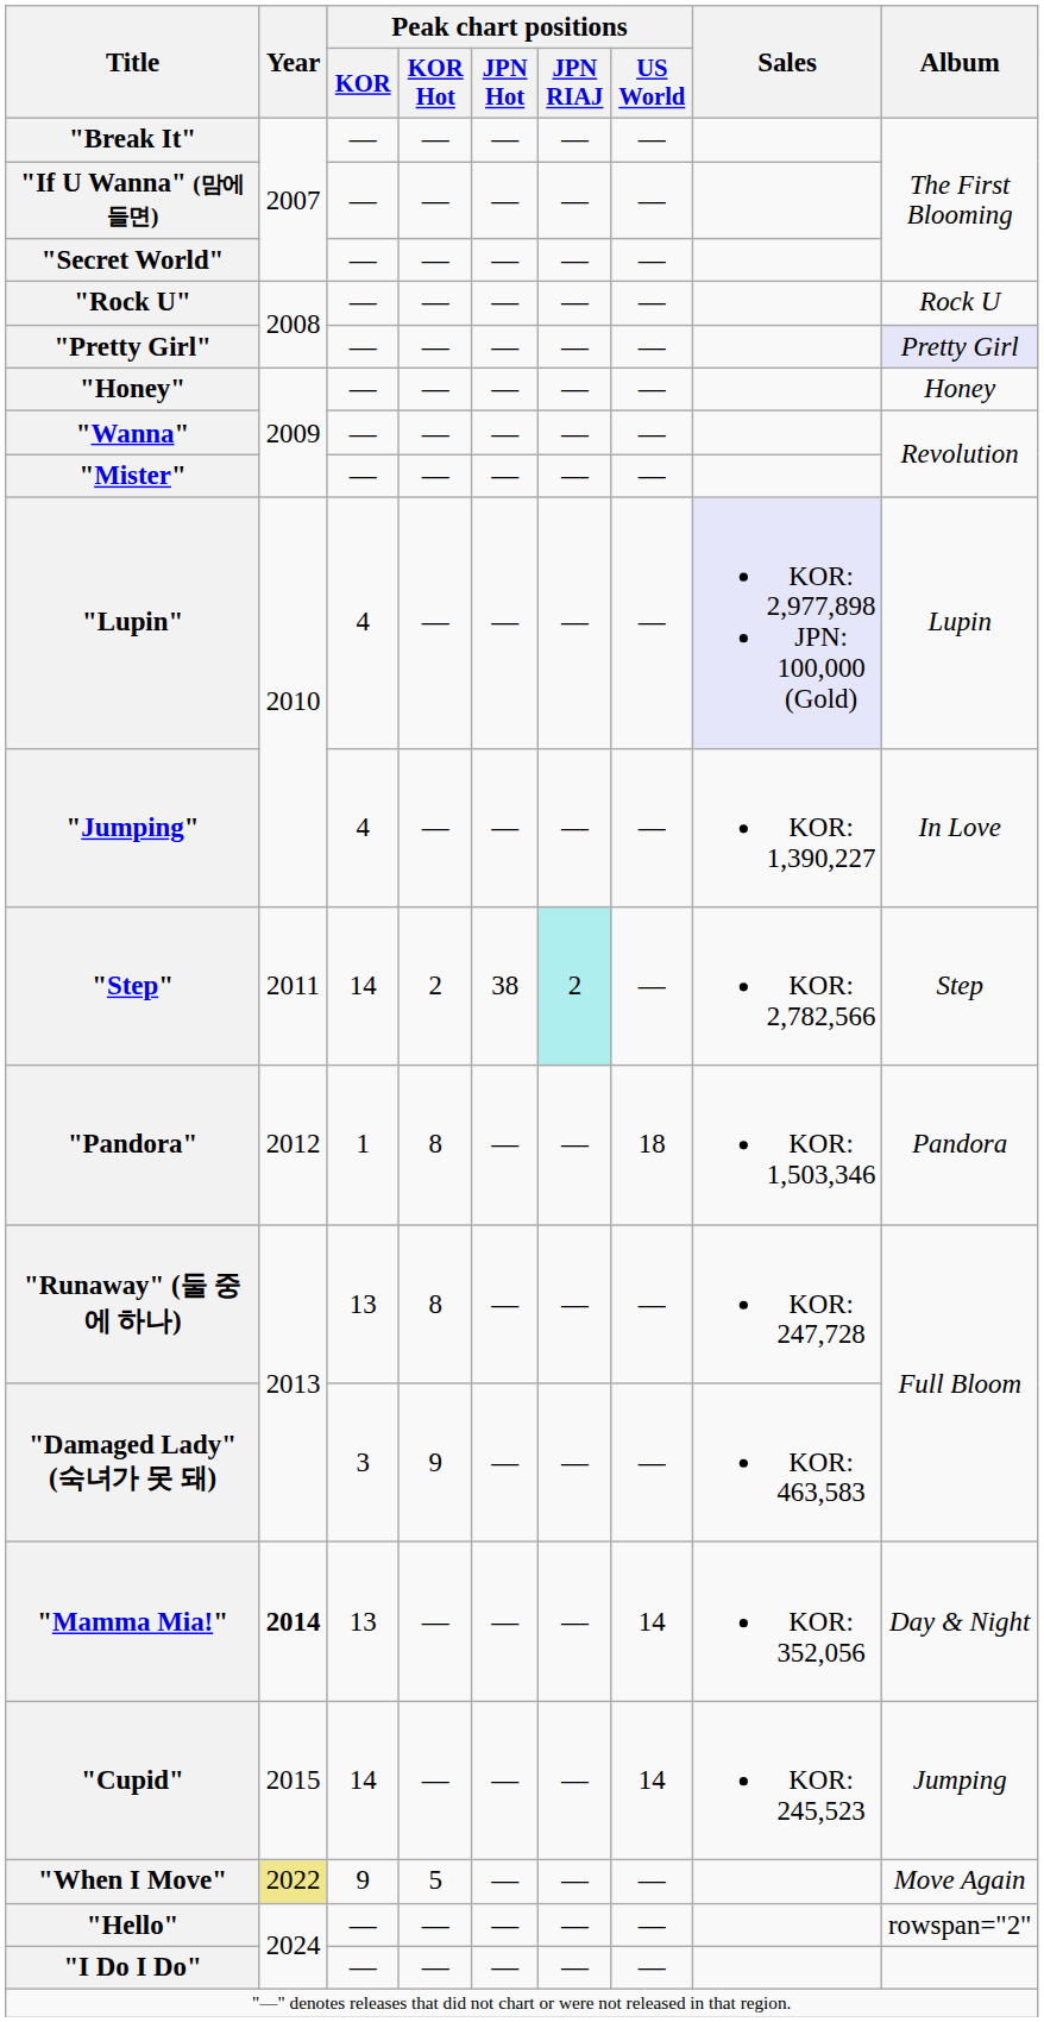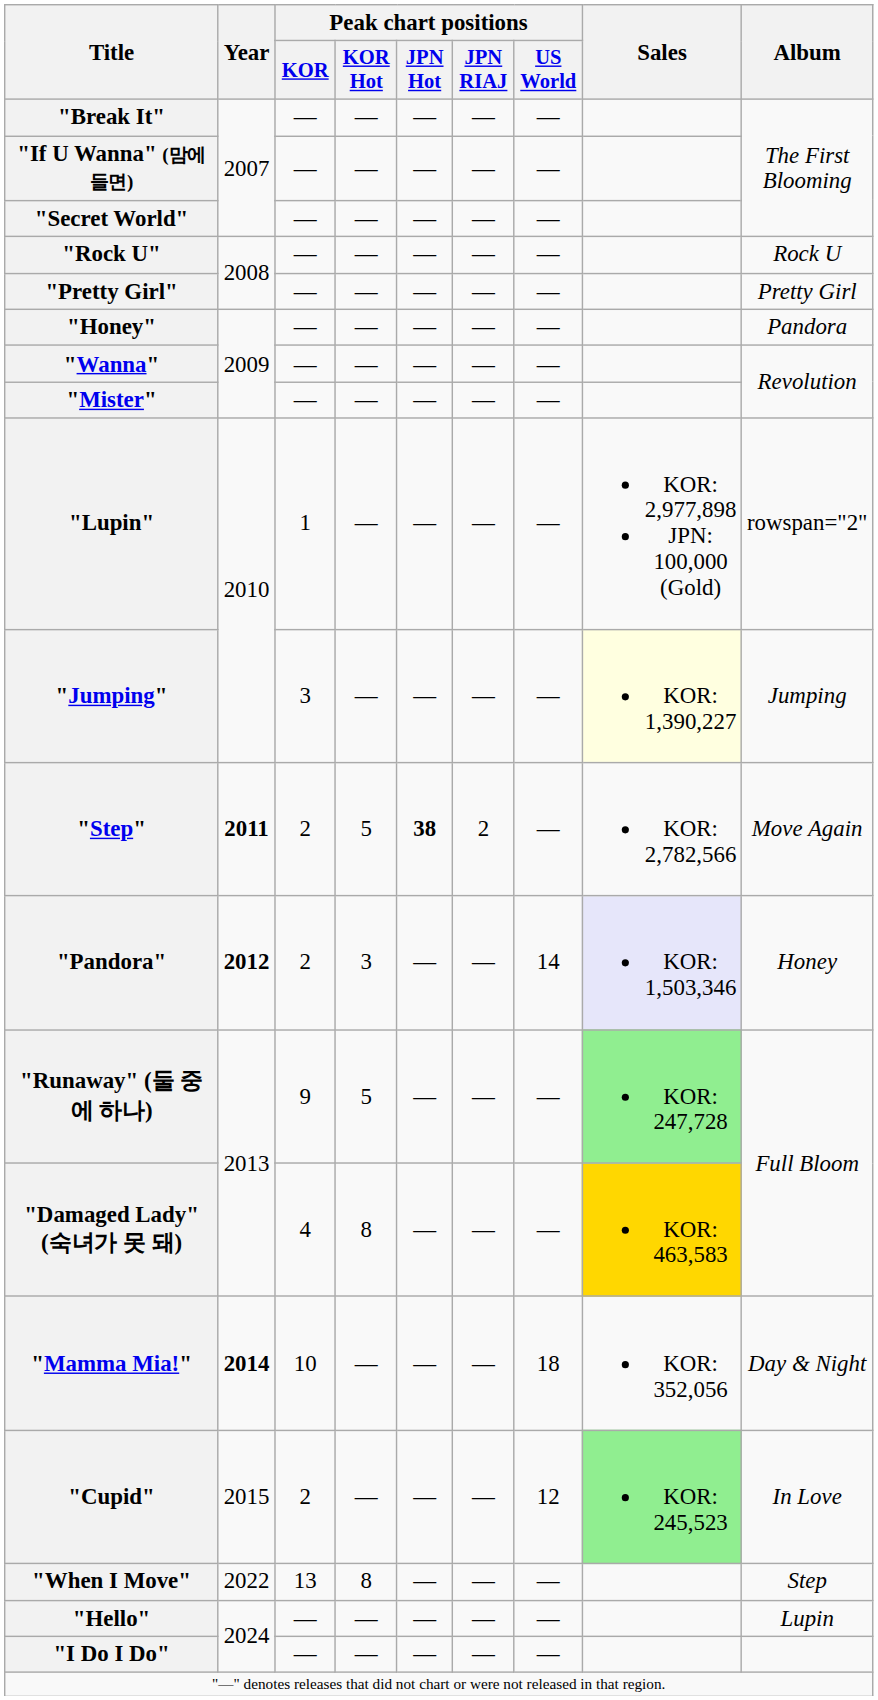 <table class="wikitable plainrowheaders" style="text-align:center;">
 <tr>
 <th rowspan="2" scope="col" style="width:14em;">Title</th>
 <th rowspan="2" scope="col">Year</th>
 <th colspan="5" scope="col">Peak chart positions</th>
 <th rowspan="2" scope="col">Sales</th>
 <th rowspan="2" scope="col">Album</th>
 </tr>
 <tr>
 <th scope="col" style="width:2.8em;font-size:90%;"><a href='#'>KOR</a><br></th>
 <th scope="col" style="width:2.8em;font-size:90%;"><a href='#'>KOR Hot</a><br></th>
 <th scope="col" style="width:2.8em;font-size:90%;"><a href='#'>JPN Hot</a><br></th>
 <th scope="col" style="width:2.8em;font-size:90%;"><a href='#'>JPN RIAJ</a><br></th>
 <th scope="col" style="width:3em;font-size:90%;"><a href='#'>US World</a><br></th>
 </tr>
 <tr>
 <th scope="row">"Break It"</th>
 <td rowspan="3">2007</td>
 <td>—</td>
 <td>—</td>
 <td>—</td>
 <td>—</td>
 <td>—</td>
 <td></td>
 <td rowspan="3"><em>The First Blooming</em></td>
 </tr>
 <tr>
 <th scope="row">"If U Wanna" <small>(맘에 들면)</small></th>
 <td>—</td>
 <td>—</td>
 <td>—</td>
 <td>—</td>
 <td>—</td>
 <td></td>
 </tr>
 <tr>
 <th scope="row">"Secret World"</th>
 <td>—</td>
 <td>—</td>
 <td>—</td>
 <td>—</td>
 <td>—</td>
 <td></td>
 </tr>
 <tr>
 <th scope="row">"Rock U"</th>
 <td rowspan="2">2008</td>
 <td>—</td>
 <td>—</td>
 <td>—</td>
 <td>—</td>
 <td>—</td>
 <td></td>
 <td><em>Rock U</em></td>
 </tr>
 <tr>
 <th scope="row">"Pretty Girl"</th>
 <td>—</td>
 <td>—</td>
 <td>—</td>
 <td>—</td>
 <td>—</td>
 <td></td>
-<td style="background: lavender;"><em>Pretty Girl</em></td>
+<td><em>Pretty Girl</em></td>
 </tr>
 <tr>
 <th scope="row">"Honey"</th>
 <td rowspan="3">2009</td>
 <td>—</td>
 <td>—</td>
 <td>—</td>
 <td>—</td>
 <td>—</td>
 <td></td>
-<td><em>Honey</em></td>
+<td><em>Pandora</em></td>
 </tr>
 <tr>
 <th scope="row">"<a href='#'>Wanna</a>"</th>
 <td>—</td>
 <td>—</td>
 <td>—</td>
 <td>—</td>
 <td>—</td>
 <td></td>
 <td rowspan="2"><em>Revolution</em></td>
 </tr>
 <tr>
 <th scope="row">"<a href='#'>Mister</a>"</th>
 <td>—</td>
 <td>—</td>
 <td>—</td>
 <td>—</td>
 <td>—</td>
 <td></td>
 </tr>
 <tr>
 <th scope="row">"Lupin"</th>
 <td rowspan="2">2010</td>
-<td>4</td>
+<td>1</td>
 <td>—</td>
 <td>—</td>
 <td>—</td>
 <td>—</td>
-<td style="background: lavender;"><br><ul><li>KOR: 2,977,898</li><li>JPN: 100,000 (Gold)</li></ul></td>
-<td><em>Lupin</em></td>
+<td><br><ul><li>KOR: 2,977,898</li><li>JPN: 100,000 (Gold)</li></ul></td>
+<td>rowspan="2" </td>
 </tr>
 <tr>
 <th scope="row">"<a href='#'>Jumping</a>"</th>
-<td>4</td>
+<td>3</td>
 <td>—</td>
 <td>—</td>
 <td>—</td>
 <td>—</td>
-<td><br><ul><li>KOR: 1,390,227</li></ul></td>
-<td><em>In Love</em></td>
+<td style="background: lightyellow;"><br><ul><li>KOR: 1,390,227</li></ul></td>
+<td><em>Jumping</em></td>
 </tr>
 <tr>
 <th scope="row">"<a href='#'>Step</a>"</th>
-<td>2011</td>
-<td>14</td>
+<td><strong>2011</strong></td>
 <td>2</td>
-<td>38</td>
-<td style="background: paleturquoise;">2</td>
+<td>5</td>
+<td><strong>38</strong></td>
+<td>2</td>
 <td>—</td>
 <td><br><ul><li>KOR: 2,782,566</li></ul></td>
-<td><em>Step</em></td>
+<td><em>Move Again</em></td>
 </tr>
 <tr>
 <th scope="row">"Pandora"</th>
-<td>2012</td>
-<td>1</td>
-<td>8</td>
+<td><strong>2012</strong></td>
+<td>2</td>
+<td>3</td>
 <td>—</td>
 <td>—</td>
-<td>18</td>
-<td><br><ul><li>KOR: 1,503,346</li></ul></td>
-<td><em>Pandora</em></td>
+<td>14</td>
+<td style="background: lavender;"><br><ul><li>KOR: 1,503,346</li></ul></td>
+<td><em>Honey</em></td>
 </tr>
 <tr>
 <th scope="row">"Runaway" (둘 중에 하나)</th>
 <td rowspan="2">2013</td>
-<td>13</td>
+<td>9</td>
+<td>5</td>
+<td>—</td>
+<td>—</td>
+<td>—</td>
+<td style="background: lightgreen;"><br><ul><li>KOR: 247,728</li></ul></td>
+<td rowspan="2"><em>Full Bloom</em></td>
+</tr>
+<tr>
+<th scope="row">"Damaged Lady" (숙녀가 못 돼)</th>
+<td>4</td>
 <td>8</td>
 <td>—</td>
 <td>—</td>
 <td>—</td>
-<td><br><ul><li>KOR: 247,728</li></ul></td>
-<td rowspan="2"><em>Full Bloom</em></td>
-</tr>
-<tr>
-<th scope="row">"Damaged Lady" (숙녀가 못 돼)</th>
-<td>3</td>
-<td>9</td>
-<td>—</td>
-<td>—</td>
-<td>—</td>
-<td><br><ul><li>KOR: 463,583</li></ul></td>
+<td style="background: gold;"><br><ul><li>KOR: 463,583</li></ul></td>
 </tr>
 <tr>
 <th scope="row">"<a href='#'>Mamma Mia!</a>"</th>
 <td><strong>2014</strong></td>
-<td>13</td>
+<td>10</td>
 <td>—</td>
 <td>—</td>
 <td>—</td>
-<td>14</td>
+<td>18</td>
 <td><br><ul><li>KOR: 352,056</li></ul></td>
 <td><em>Day & Night</em></td>
 </tr>
 <tr>
 <th scope="row">"Cupid"</th>
 <td>2015</td>
-<td>14</td>
+<td>2</td>
 <td>—</td>
 <td>—</td>
 <td>—</td>
-<td>14</td>
-<td><br><ul><li>KOR: 245,523</li></ul></td>
-<td><em>Jumping</em></td>
+<td>12</td>
+<td style="background: lightgreen;"><br><ul><li>KOR: 245,523</li></ul></td>
+<td><em>In Love</em></td>
 </tr>
 <tr>
 <th scope="row">"When I Move"</th>
-<td style="background: khaki;">2022</td>
-<td>9</td>
-<td>5</td>
+<td>2022</td>
+<td>13</td>
+<td>8</td>
 <td>—</td>
 <td>—</td>
 <td>—</td>
 <td></td>
-<td><em>Move Again</em></td>
+<td><em>Step</em></td>
 </tr>
 <tr>
 <th scope="row">"Hello"</th>
 <td rowspan="2">2024</td>
 <td>—</td>
 <td>—</td>
 <td>—</td>
 <td>—</td>
 <td>—</td>
 <td></td>
-<td>rowspan="2" </td>
+<td><em>Lupin</em></td>
 </tr>
 <tr>
 <th scope="row">"I Do I Do"</th>
 <td>—</td>
 <td>—</td>
 <td>—</td>
 <td>—</td>
 <td>—</td>
 <td></td>
 </tr>
 <tr>
 <td colspan="15" style="text-align:center; font-size:8pt;">"—" denotes releases that did not chart or were not released in that region.</td>
 </tr>
 </table>
